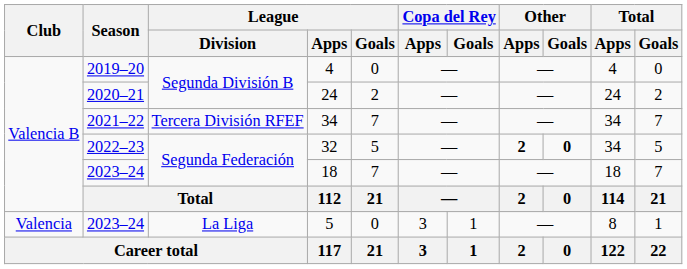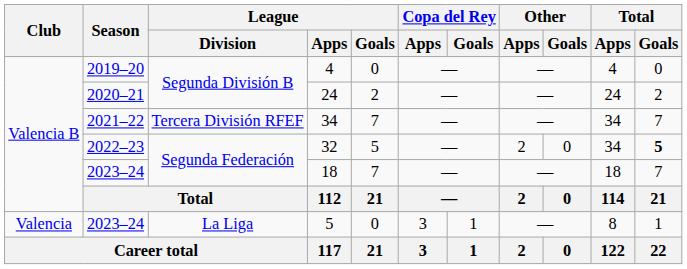 <table class=wikitable style=text-align:center>
 <tr>
 <th rowspan="2">Club</th>
 <th rowspan="2">Season</th>
 <th colspan="3">League</th>
 <th colspan="2"><a href='#'>Copa del Rey</a></th>
 <th colspan="2">Other</th>
 <th colspan="2">Total</th>
 </tr>
 <tr>
 <th>Division</th>
 <th>Apps</th>
 <th>Goals</th>
 <th>Apps</th>
 <th>Goals</th>
 <th>Apps</th>
 <th>Goals</th>
 <th>Apps</th>
 <th>Goals</th>
 </tr>
 <tr>
 <td rowspan="6"><a href='#'>Valencia B</a></td>
 <td><a href='#'>2019–20</a></td>
 <td rowspan="2"><a href='#'>Segunda División B</a></td>
 <td>4</td>
 <td>0</td>
 <td colspan="2">—</td>
 <td colspan="2">—</td>
 <td>4</td>
 <td>0</td>
 </tr>
 <tr>
 <td><a href='#'>2020–21</a></td>
 <td>24</td>
 <td>2</td>
 <td colspan="2">—</td>
 <td colspan="2">—</td>
 <td>24</td>
 <td>2</td>
 </tr>
 <tr>
 <td><a href='#'>2021–22</a></td>
 <td><a href='#'>Tercera División RFEF</a></td>
 <td>34</td>
 <td>7</td>
 <td colspan="2">—</td>
 <td colspan="2">—</td>
 <td>34</td>
 <td>7</td>
 </tr>
 <tr>
 <td><a href='#'>2022–23</a></td>
 <td rowspan="2"><a href='#'>Segunda Federación</a></td>
 <td>32</td>
 <td>5</td>
 <td colspan="2">—</td>
-<td><strong>2</strong></td>
-<td><strong>0</strong></td>
+<td>2</td>
+<td>0</td>
 <td>34</td>
-<td>5</td>
+<td><strong>5</strong></td>
 </tr>
 <tr>
 <td><a href='#'>2023–24</a></td>
 <td>18</td>
 <td>7</td>
 <td colspan="2">—</td>
 <td colspan="2">—</td>
 <td>18</td>
 <td>7</td>
 </tr>
 <tr>
 <th colspan="2">Total</th>
 <th>112</th>
 <th>21</th>
 <th colspan="2">—</th>
 <th>2</th>
 <th>0</th>
 <th>114</th>
 <th>21</th>
 </tr>
 <tr>
 <td><a href='#'>Valencia</a></td>
 <td><a href='#'>2023–24</a></td>
 <td><a href='#'>La Liga</a></td>
 <td>5</td>
 <td>0</td>
 <td>3</td>
 <td>1</td>
 <td colspan="2">—</td>
 <td>8</td>
 <td>1</td>
 </tr>
 <tr>
 <th colspan="3">Career total</th>
 <th>117</th>
 <th>21</th>
 <th>3</th>
 <th>1</th>
 <th>2</th>
 <th>0</th>
 <th>122</th>
 <th>22</th>
 </tr>
 </table>
